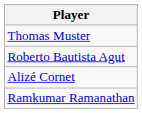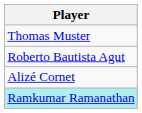 <table class="wikitable">
 <tr>
 <th>Player</th>
 </tr>
 <tr>
 <td> <a href='#'>Thomas Muster</a></td>
 </tr>
 <tr>
 <td> <a href='#'>Roberto Bautista Agut</a></td>
 </tr>
 <tr>
 <td> <a href='#'>Alizé Cornet</a></td>
 </tr>
 <tr>
-<td> <a href='#'>Ramkumar Ramanathan</a></td>
+<td style="background: paleturquoise;"> <a href='#'>Ramkumar Ramanathan</a></td>
 </tr>
 </table>
